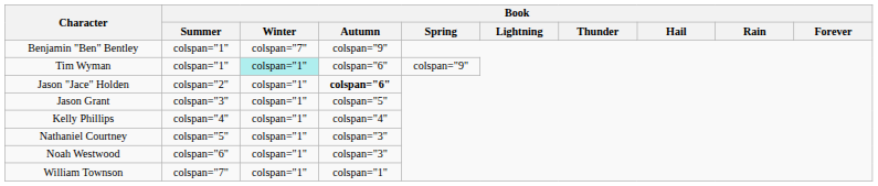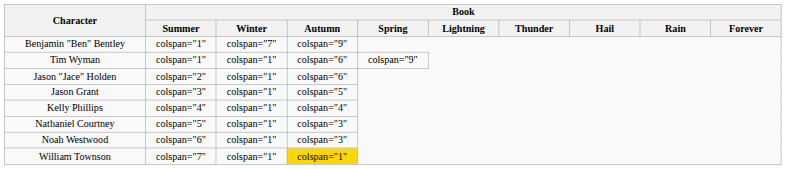 <table class="wikitable plainrowheaders" style="text-align:center">
 <tr>
 <th rowspan="2" width="14%" scope="col">Character</th>
 <th colspan="9">Book</th>
 </tr>
 <tr>
 <th width="7%" scope="col">Summer</th>
 <th width="7%" scope="col">Winter</th>
 <th width="7%" scope="col">Autumn</th>
 <th width="7%" scope="col">Spring</th>
 <th width="7%" scope="col">Lightning</th>
 <th width="7%" scope="col">Thunder</th>
 <th width="7%" scope="col">Hail</th>
 <th width="7%" scope="col">Rain</th>
 <th width="7%" scope="col">Forever</th>
 </tr>
 <tr>
 <td>Benjamin "Ben" Bentley</td>
 <td>colspan="1" </td>
 <td>colspan="7" </td>
 <td>colspan="9" </td>
 </tr>
 <tr>
 <td>Tim Wyman</td>
 <td>colspan="1" </td>
-<td style="background: paleturquoise;">colspan="1" </td>
+<td>colspan="1" </td>
 <td>colspan="6" </td>
 <td>colspan="9" </td>
 </tr>
 <tr>
 <td>Jason "Jace" Holden</td>
 <td>colspan="2" </td>
 <td>colspan="1" </td>
-<td><strong>colspan="6" </strong></td>
+<td>colspan="6" </td>
 </tr>
 <tr>
 <td>Jason Grant</td>
 <td>colspan="3" </td>
 <td>colspan="1" </td>
 <td>colspan="5" </td>
 </tr>
 <tr>
 <td>Kelly Phillips</td>
 <td>colspan="4" </td>
 <td>colspan="1" </td>
 <td>colspan="4" </td>
 </tr>
 <tr>
 <td>Nathaniel Courtney</td>
 <td>colspan="5" </td>
 <td>colspan="1" </td>
 <td>colspan="3" </td>
 </tr>
 <tr>
 <td>Noah Westwood</td>
 <td>colspan="6" </td>
 <td>colspan="1" </td>
 <td>colspan="3" </td>
 </tr>
 <tr>
 <td>William Townson</td>
 <td>colspan="7" </td>
 <td>colspan="1" </td>
-<td>colspan="1" </td>
+<td style="background: gold;">colspan="1" </td>
 </tr>
 </table>
